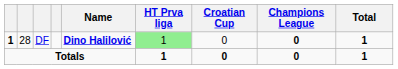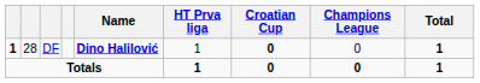 <table class="wikitable" style="text-align:center">
 <tr>
 <th width=15></th>
 <th width=15></th>
 <th width=15></th>
 <th width=15></th>
 <th width=145>Name</th>
 <th width=120><a href='#'>HT Prva liga</a></th>
 <th width=120><a href='#'>Croatian Cup</a></th>
 <th width=140><a href='#'>Champions League</a></th>
 <th width=120>Total</th>
 </tr>
 <tr>
 <td><strong>1 </strong></td>
 <td>28</td>
 <td><a href='#'>DF</a></td>
 <td></td>
 <td align=left><strong><a href='#'>Dino Halilović</a></strong></td>
-<td style="background: lightgreen;">1</td>
+<td>1</td>
+<td><strong>0</strong></td>
 <td>0</td>
-<td><strong>0</strong></td>
 <td><strong>1 </strong></td>
 </tr>
 <tr>
 <td colspan=5><strong>Totals</strong></td>
 <td><strong>1 </strong></td>
 <td><strong>0 </strong></td>
 <td><strong>0 </strong></td>
 <td><strong>1 </strong></td>
 </tr>
 </table>
